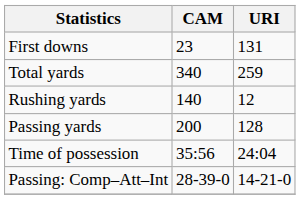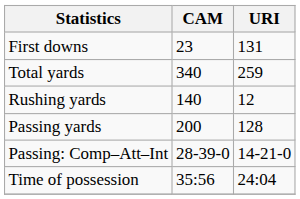 <table class="wikitable" style="float: left;">
 <tr>
 <th>Statistics</th>
 <th>CAM</th>
 <th>URI</th>
 </tr>
 <tr>
 <td>First downs</td>
 <td>23</td>
 <td>131</td>
 </tr>
 <tr>
 <td>Total yards</td>
 <td>340</td>
 <td>259</td>
 </tr>
 <tr>
 <td>Rushing yards</td>
 <td>140</td>
 <td>12</td>
 </tr>
 <tr>
 <td>Passing yards</td>
 <td>200</td>
 <td>128</td>
 </tr>
 <tr>
+<td>Passing: Comp–Att–Int</td>
+<td>28-39-0</td>
+<td>14-21-0</td>
+</tr>
+<tr>
 <td>Time of possession</td>
 <td>35:56</td>
 <td>24:04</td>
 </tr>
 <tr>
-<td>Passing: Comp–Att–Int</td>
-<td>28-39-0</td>
-<td>14-21-0</td>
-</tr>
-<tr>
 </tr>
 </table>
